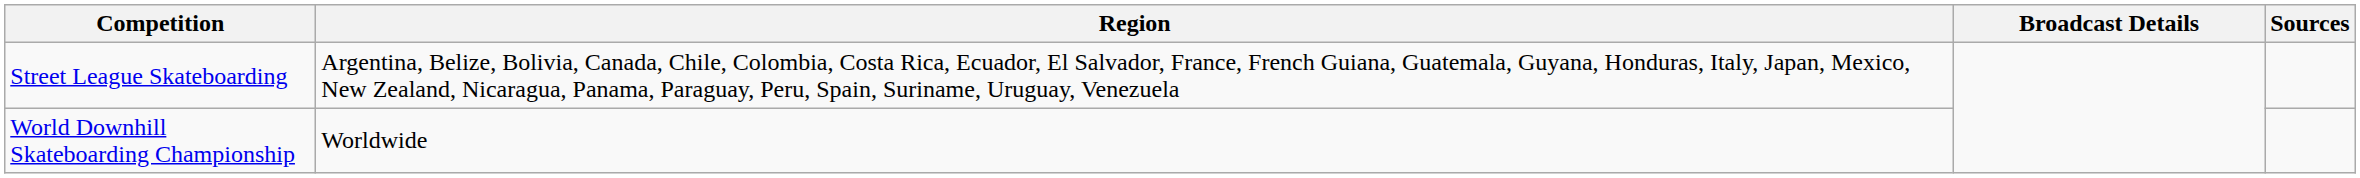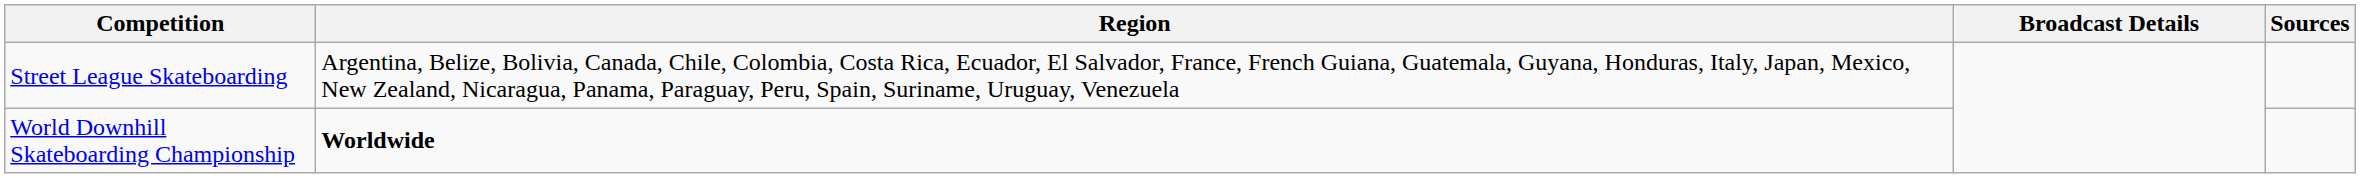 <table class="wikitable">
 <tr>
 <th width="200">Competition</th>
 <th>Region</th>
 <th width="200">Broadcast Details</th>
 <th>Sources</th>
 </tr>
 <tr>
 <td><a href='#'>Street League Skateboarding</a></td>
 <td>Argentina, Belize, Bolivia, Canada, Chile, Colombia, Costa Rica, Ecuador, El Salvador, France, French Guiana, Guatemala, Guyana, Honduras, Italy, Japan, Mexico, New Zealand, Nicaragua, Panama, Paraguay, Peru, Spain, Suriname, Uruguay, Venezuela</td>
 <td rowspan="2"></td>
 <td></td>
 </tr>
 <tr>
 <td><a href='#'>World Downhill Skateboarding Championship</a></td>
-<td>Worldwide</td>
+<td><strong>Worldwide</strong></td>
 <td></td>
 </tr>
 </table>
